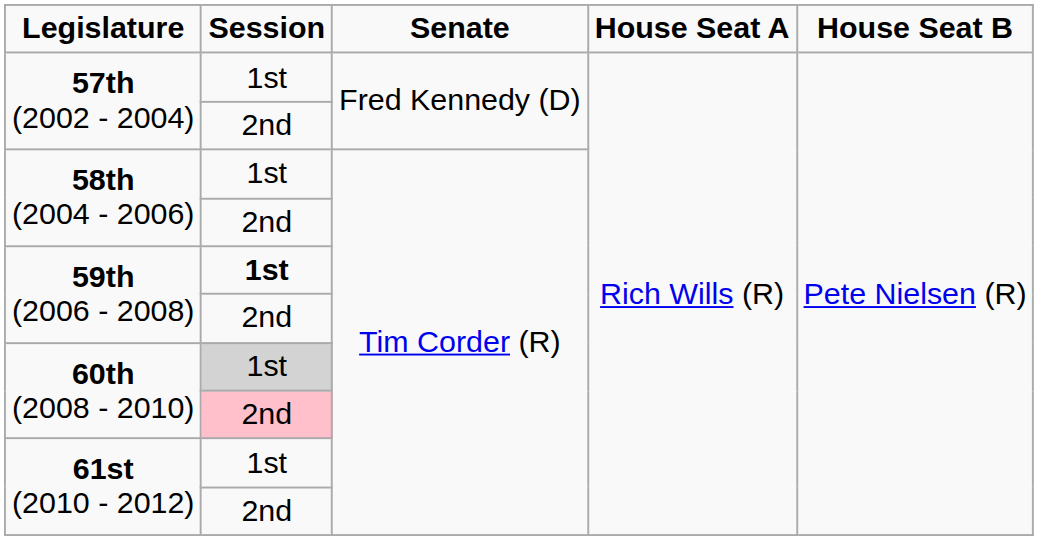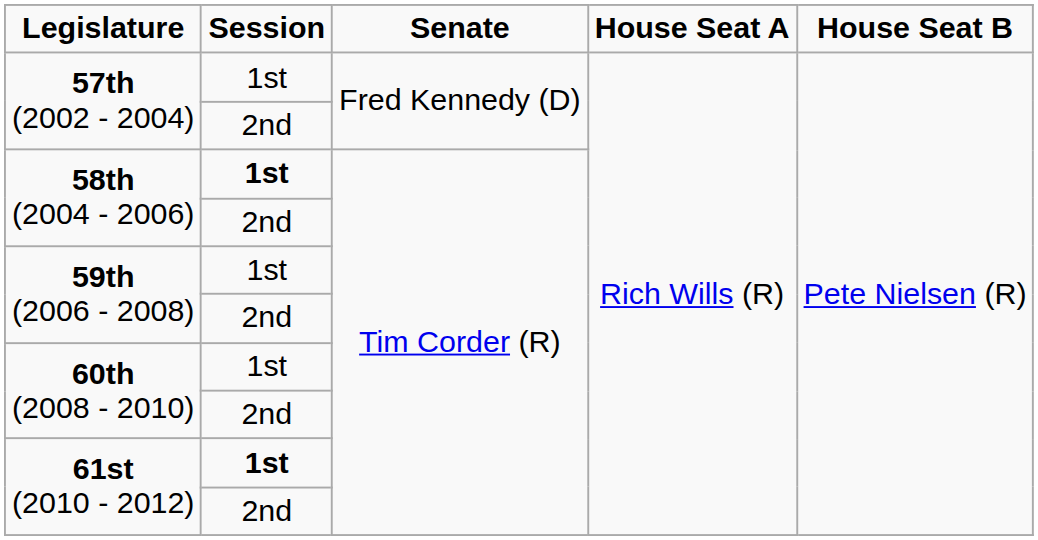 <table class=wikitable style="text-align:center">
 <tr>
 <td><strong>Legislature</strong></td>
 <td><strong>Session</strong></td>
 <td><strong>Senate</strong></td>
 <td><strong>House Seat A</strong></td>
 <td><strong>House Seat B</strong></td>
 </tr>
 <tr>
 <td rowspan="2" colspan="1" style="text-align: center;"><strong>57th</strong> <br> (2002 - 2004)</td>
 <td>1st</td>
 <td rowspan="2" colspan="1" style="text-align: center;" >Fred Kennedy (D)</td>
 <td rowspan="10" colspan="1" style="text-align: center;" ><a href='#'>Rich Wills</a> (R)</td>
 <td rowspan="10" colspan="1" style="text-align: center;" ><a href='#'>Pete Nielsen</a> (R)</td>
 </tr>
 <tr>
 <td>2nd</td>
 </tr>
 <tr>
 <td rowspan="2" colspan="1" style="text-align: center;"><strong>58th</strong> <br> (2004 - 2006)</td>
-<td>1st</td>
+<td><strong>1st</strong></td>
 <td rowspan="8" colspan="1" style="text-align: center;" ><a href='#'>Tim Corder</a> (R)</td>
 </tr>
 <tr>
 <td>2nd</td>
 </tr>
 <tr>
 <td rowspan="2" colspan="1" style="text-align: center;"><strong>59th</strong> <br> (2006 - 2008)</td>
-<td><strong>1st</strong></td>
+<td>1st</td>
 </tr>
 <tr>
 <td>2nd</td>
 </tr>
 <tr>
 <td rowspan="2" colspan="1" style="text-align: center;"><strong>60th</strong> <br> (2008 - 2010)</td>
-<td style="background: lightgrey;">1st</td>
-</tr>
-<tr>
-<td style="background: pink;">2nd</td>
-</tr>
-<tr>
-<td rowspan="2" colspan="1" style="text-align: center;"><strong>61st</strong> <br> (2010 - 2012)</td>
 <td>1st</td>
 </tr>
 <tr>
 <td>2nd</td>
 </tr>
+<tr>
+<td rowspan="2" colspan="1" style="text-align: center;"><strong>61st</strong> <br> (2010 - 2012)</td>
+<td><strong>1st</strong></td>
+</tr>
+<tr>
+<td>2nd</td>
+</tr>
 </table>
